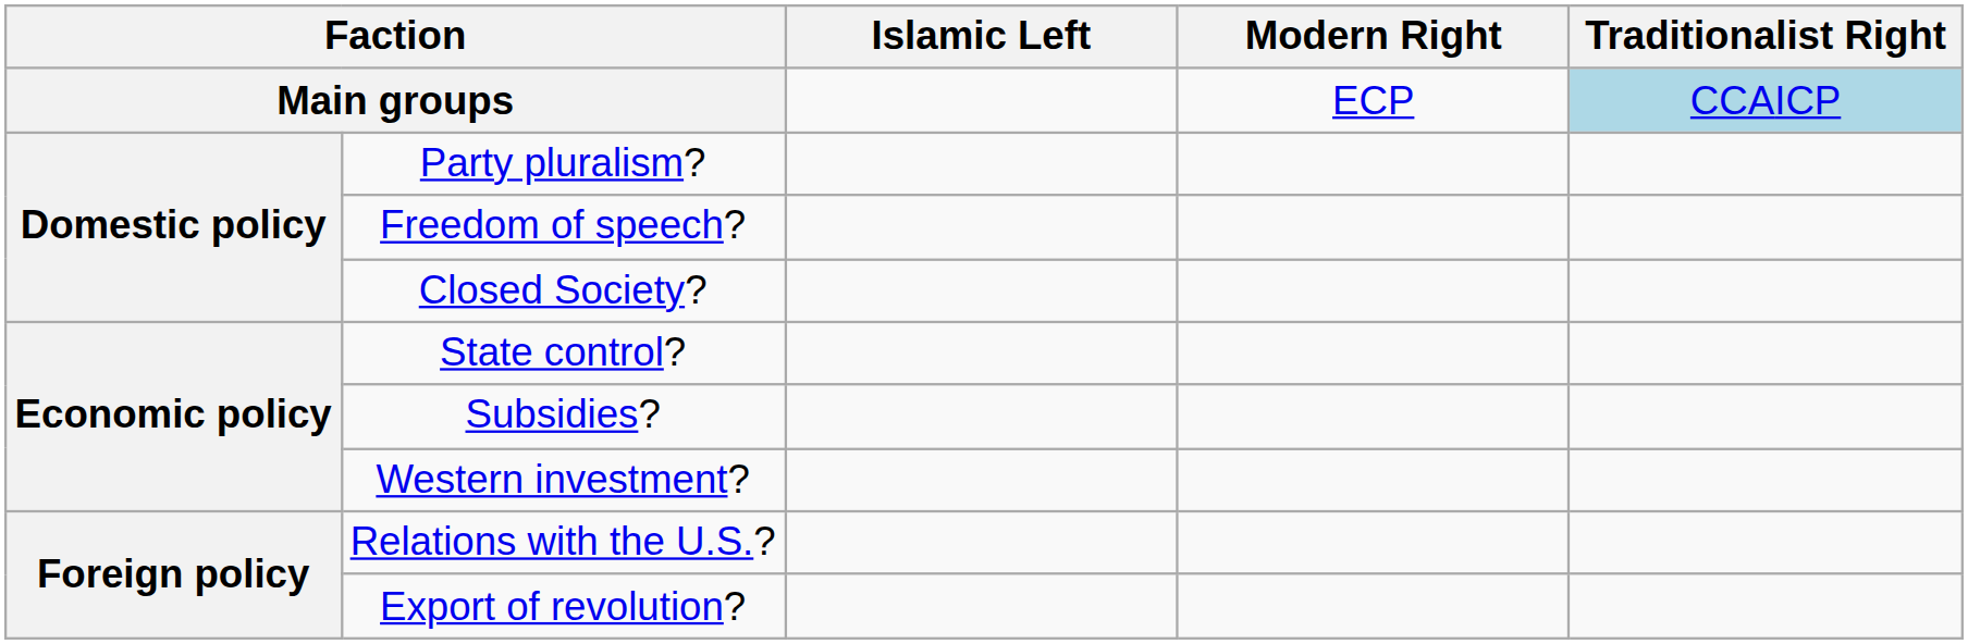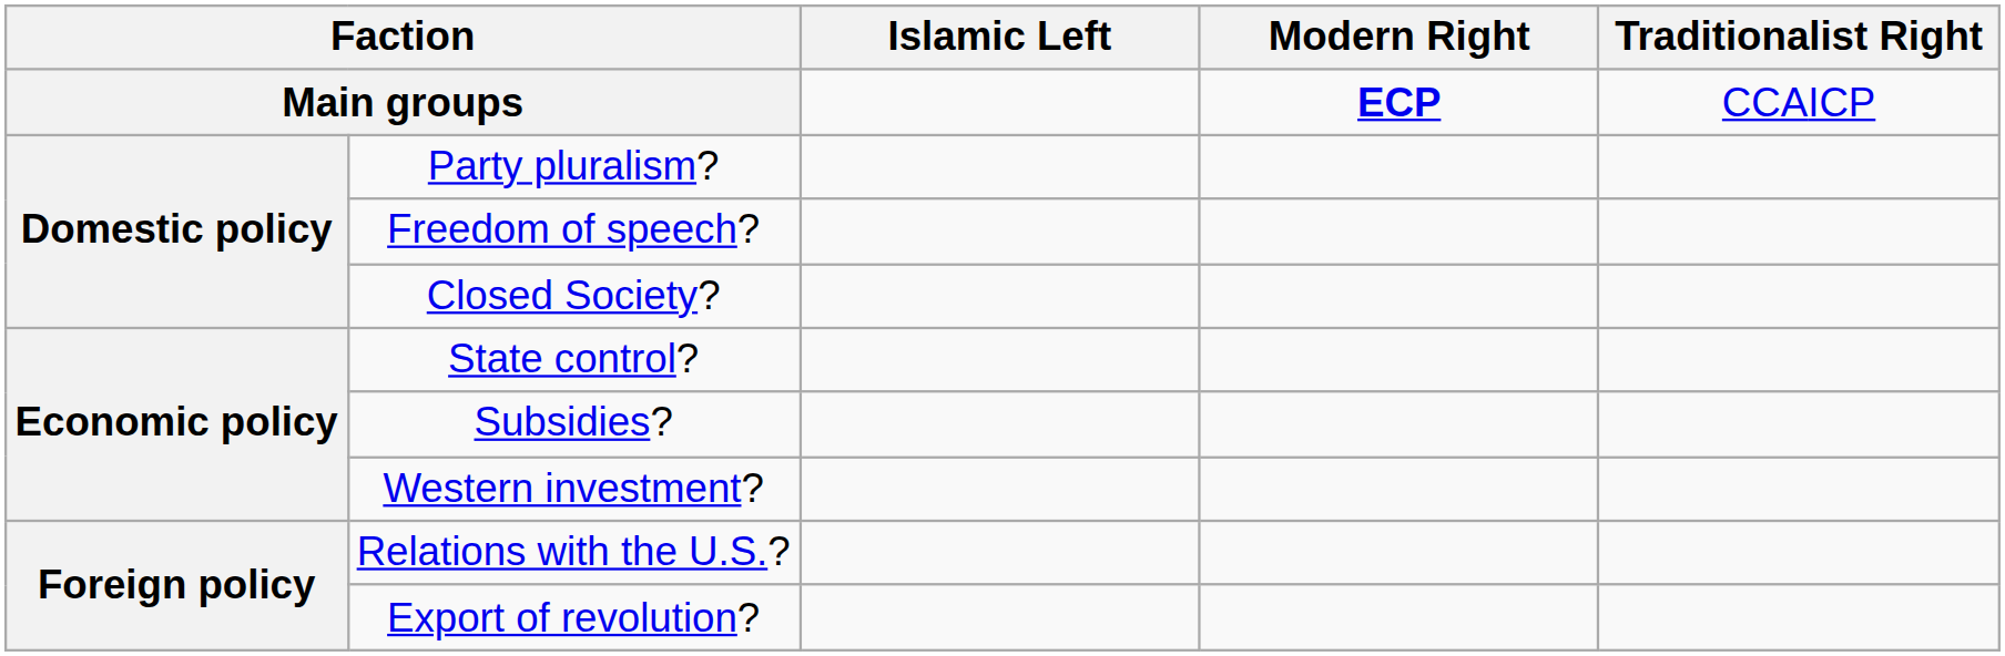 <table class="wikitable" style="text-align:center;">
 <tr>
 <th colspan=2>Faction</th>
 <th width="150px">Islamic Left</th>
 <th width="150px">Modern Right</th>
 <th width="150px">Traditionalist Right</th>
 </tr>
 <tr>
 <th colspan=2>Main groups</th>
 <td></td>
-<td><a href='#'>ECP</a></td>
-<td style="background: lightblue;"><a href='#'>CCA</a><a href='#'>ICP</a></td>
+<td><strong><a href='#'>ECP</a></strong></td>
+<td><a href='#'>CCA</a><a href='#'>ICP</a></td>
 </tr>
 <tr>
 <th rowspan=3>Domestic policy</th>
 <td><a href='#'>Party pluralism</a>?</td>
 <td></td>
 <td></td>
 <td></td>
 </tr>
 <tr>
 <td><a href='#'>Freedom of speech</a>?</td>
 <td></td>
 <td></td>
 <td></td>
 </tr>
 <tr>
 <td><a href='#'>Closed Society</a>?</td>
 <td></td>
 <td></td>
 <td></td>
 </tr>
 <tr>
 <th rowspan=3>Economic policy</th>
 <td><a href='#'>State control</a>?</td>
 <td></td>
 <td></td>
 <td></td>
 </tr>
 <tr>
 <td><a href='#'>Subsidies</a>?</td>
 <td></td>
 <td></td>
 <td></td>
 </tr>
 <tr>
 <td><a href='#'>Western investment</a>?</td>
 <td></td>
 <td></td>
 <td></td>
 </tr>
 <tr>
 <th rowspan=3>Foreign policy</th>
 <td><a href='#'>Relations with the U.S.</a>?</td>
 <td></td>
 <td></td>
 <td></td>
 </tr>
 <tr>
 <td><a href='#'>Export of revolution</a>?</td>
 <td></td>
 <td></td>
 <td></td>
 </tr>
 </table>
